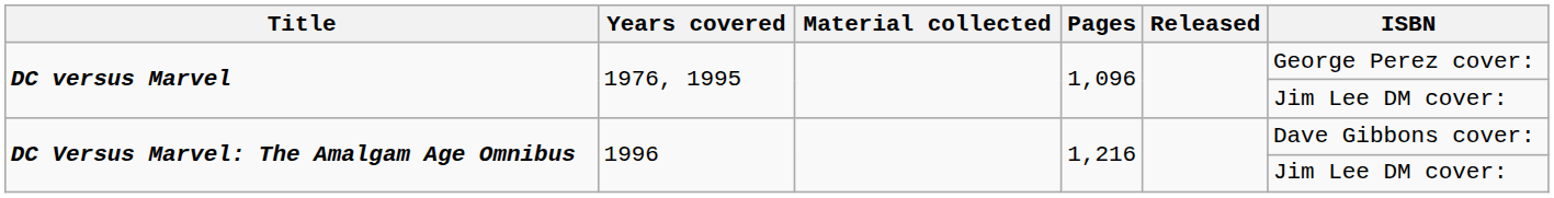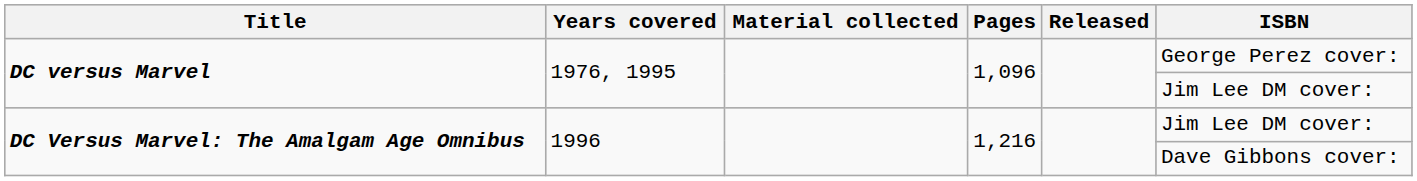 <table class="wikitable sortable" width=99%>
 <tr>
 <th>Title</th>
 <th>Years covered</th>
 <th class="unsortable">Material collected</th>
 <th>Pages</th>
 <th>Released</th>
 <th class="unsortable">ISBN</th>
 </tr>
 <tr>
 <td rowspan=2><strong><em>DC versus Marvel</em></strong></td>
 <td rowspan=2>1976, 1995</td>
 <td rowspan=2></td>
 <td style="text-align: center;" rowspan=2>1,096</td>
 <td rowspan=2></td>
 <td>George Perez cover: </td>
 </tr>
 <tr>
 <td>Jim Lee DM cover: </td>
 </tr>
 <tr>
 <td rowspan=2><strong><em>DC Versus Marvel: The Amalgam Age Omnibus</em></strong></td>
 <td rowspan=2>1996</td>
 <td rowspan=2></td>
 <td style="text-align: center;" rowspan=2>1,216</td>
 <td rowspan=2></td>
+<td>Jim Lee DM cover: </td>
+</tr>
+<tr>
 <td>Dave Gibbons cover: </td>
 </tr>
-<tr>
-<td>Jim Lee DM cover: </td>
-</tr>
 </table>
